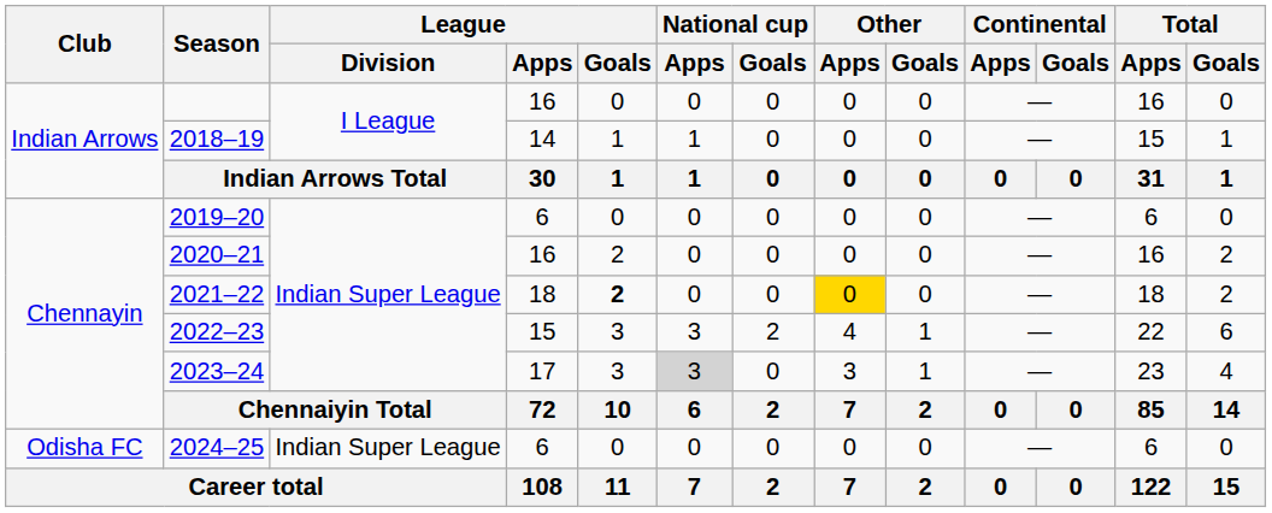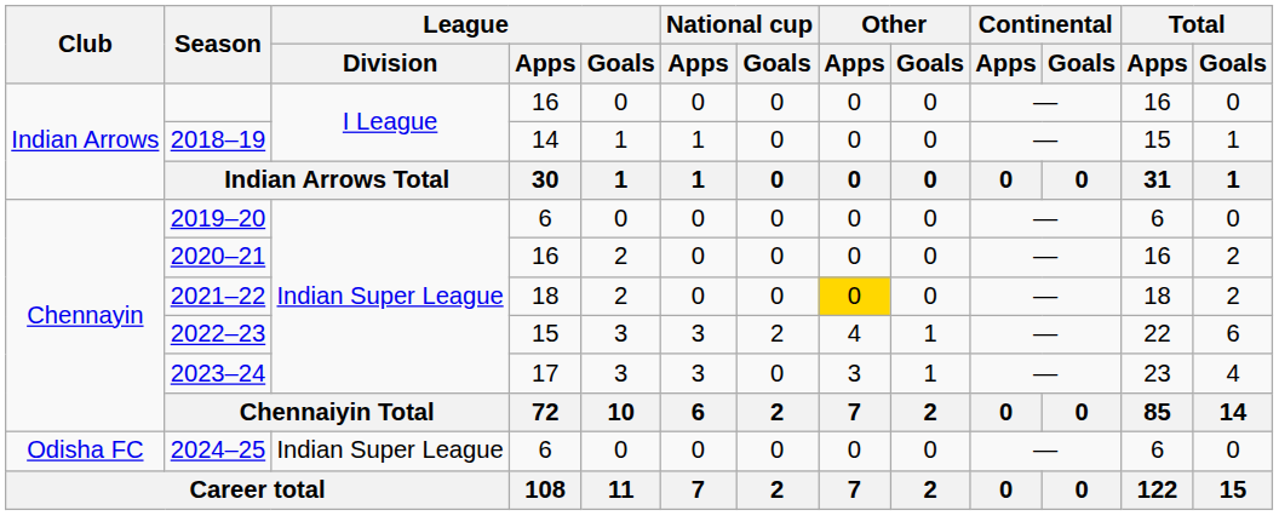 <table class="wikitable" style="text-align: center;">
 <tr>
 <th rowspan="2">Club</th>
 <th rowspan="2">Season</th>
 <th colspan="3">League</th>
 <th colspan="2"><strong>National cup</strong></th>
 <th colspan="2"><strong>Other</strong></th>
 <th colspan="2"><strong>Continental</strong></th>
 <th colspan="2">Total</th>
 </tr>
 <tr>
 <th>Division</th>
 <th>Apps</th>
 <th>Goals</th>
 <th>Apps</th>
 <th>Goals</th>
 <th>Apps</th>
 <th>Goals</th>
 <th>Apps</th>
 <th>Goals</th>
 <th>Apps</th>
 <th>Goals</th>
 </tr>
 <tr>
 <td rowspan="3"><a href='#'>Indian Arrows</a></td>
 <td></td>
 <td rowspan="2"><a href='#'>I League</a></td>
 <td>16</td>
 <td>0</td>
 <td>0</td>
 <td>0</td>
 <td>0</td>
 <td>0</td>
 <td colspan="2">—</td>
 <td>16</td>
 <td>0</td>
 </tr>
 <tr>
 <td><a href='#'>2018–19</a></td>
 <td>14</td>
 <td>1</td>
 <td>1</td>
 <td>0</td>
 <td>0</td>
 <td>0</td>
 <td colspan="2">—</td>
 <td>15</td>
 <td>1</td>
 </tr>
 <tr>
 <th colspan="2">Indian Arrows Total</th>
 <th>30</th>
 <th>1</th>
 <th>1</th>
 <th>0</th>
 <th>0</th>
 <th>0</th>
 <th>0</th>
 <th>0</th>
 <th>31</th>
 <th>1</th>
 </tr>
 <tr>
 <td rowspan="6"><a href='#'>Chennayin</a></td>
 <td><a href='#'>2019–20</a></td>
 <td rowspan="5"><a href='#'>Indian Super League</a></td>
 <td>6</td>
 <td>0</td>
 <td>0</td>
 <td>0</td>
 <td>0</td>
 <td>0</td>
 <td colspan="2">—</td>
 <td>6</td>
 <td>0</td>
 </tr>
 <tr>
 <td><a href='#'>2020–21</a></td>
 <td>16</td>
 <td>2</td>
 <td>0</td>
 <td>0</td>
 <td>0</td>
 <td>0</td>
 <td colspan="2">—</td>
 <td>16</td>
 <td>2</td>
 </tr>
 <tr>
 <td><a href='#'>2021–22</a></td>
 <td>18</td>
-<td><strong>2</strong></td>
+<td>2</td>
 <td>0</td>
 <td>0</td>
 <td style="background: gold;">0</td>
 <td>0</td>
 <td colspan="2">—</td>
 <td>18</td>
 <td>2</td>
 </tr>
 <tr>
 <td><a href='#'>2022–23</a></td>
 <td>15</td>
 <td>3</td>
 <td>3</td>
 <td>2</td>
 <td>4</td>
 <td>1</td>
 <td colspan="2">—</td>
 <td>22</td>
 <td>6</td>
 </tr>
 <tr>
 <td><a href='#'>2023–24</a></td>
 <td>17</td>
 <td>3</td>
-<td style="background: lightgrey;">3</td>
+<td>3</td>
 <td>0</td>
 <td>3</td>
 <td>1</td>
 <td colspan="2">—</td>
 <td>23</td>
 <td>4</td>
 </tr>
 <tr>
 <th colspan="2">Chennaiyin Total</th>
 <th>72</th>
 <th>10</th>
 <th>6</th>
 <th>2</th>
 <th>7</th>
 <th>2</th>
 <th>0</th>
 <th>0</th>
 <th>85</th>
 <th>14</th>
 </tr>
 <tr>
 <td><a href='#'>Odisha FC</a></td>
 <td><a href='#'>2024–25</a></td>
 <td>Indian Super League</td>
 <td>6</td>
 <td>0</td>
 <td>0</td>
 <td>0</td>
 <td>0</td>
 <td>0</td>
 <td colspan="2">—</td>
 <td>6</td>
 <td>0</td>
 </tr>
 <tr>
 <th colspan="3">Career total</th>
 <th>108</th>
 <th>11</th>
 <th>7</th>
 <th>2</th>
 <th>7</th>
 <th>2</th>
 <th>0</th>
 <th>0</th>
 <th>122</th>
 <th>15</th>
 </tr>
 </table>
